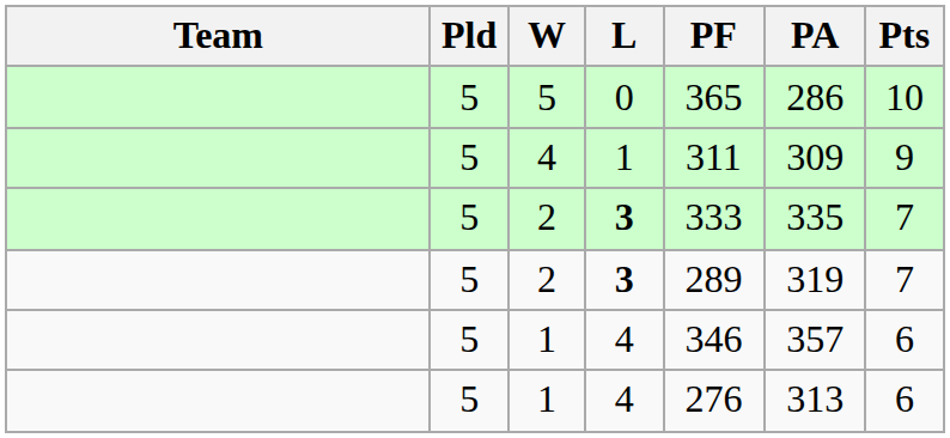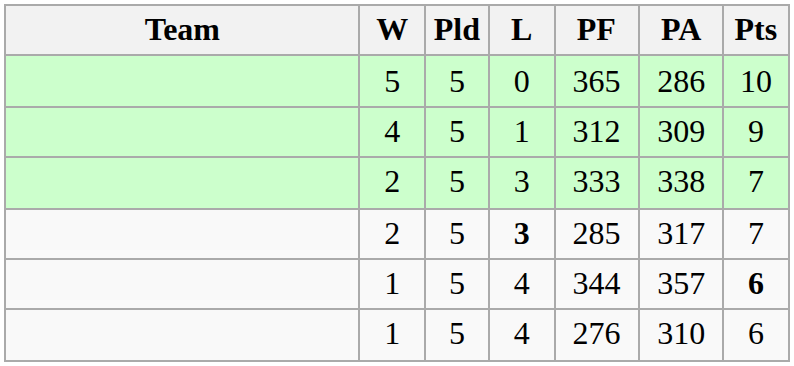 <table class="wikitable" style="text-align:center;">
 <tr>
 <th width=170>Team</th>
+<th width=25>W</th>
 <th width=25>Pld</th>
-<th width=25>W</th>
 <th width=25>L</th>
 <th width=35>PF</th>
 <th width=35>PA</th>
 <th width=25>Pts</th>
 </tr>
 <tr bgcolor=#ccffcc>
 <td align="left"></td>
 <td>5</td>
 <td>5</td>
 <td>0</td>
 <td>365</td>
 <td>286</td>
 <td>10</td>
 </tr>
 <tr bgcolor=#ccffcc>
 <td align="left"></td>
+<td>4</td>
 <td>5</td>
-<td>4</td>
 <td>1</td>
-<td>311</td>
+<td>312</td>
 <td>309</td>
 <td>9</td>
 </tr>
 <tr bgcolor=#ccffcc>
 <td align="left"></td>
+<td>2</td>
 <td>5</td>
-<td>2</td>
-<td><strong>3</strong></td>
+<td>3</td>
 <td>333</td>
-<td>335</td>
+<td>338</td>
 <td>7</td>
 </tr>
 <tr bgcolor=>
 <td align="left"><em></em></td>
+<td>2</td>
 <td>5</td>
-<td>2</td>
 <td><strong>3</strong></td>
-<td>289</td>
-<td>319</td>
+<td>285</td>
+<td>317</td>
 <td>7</td>
 </tr>
 <tr bgcolor=>
 <td align="left"></td>
+<td>1</td>
 <td>5</td>
-<td>1</td>
 <td>4</td>
-<td>346</td>
+<td>344</td>
 <td>357</td>
-<td>6</td>
+<td><strong>6</strong></td>
 </tr>
 <tr bgcolor=>
 <td align="left"></td>
+<td>1</td>
 <td>5</td>
-<td>1</td>
 <td>4</td>
 <td>276</td>
-<td>313</td>
+<td>310</td>
 <td>6</td>
 </tr>
 </table>
